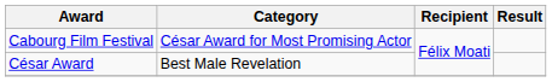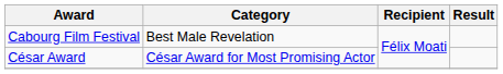 <table class="wikitable">
 <tr>
 <th>Award</th>
 <th>Category</th>
 <th>Recipient</th>
 <th>Result</th>
 </tr>
 <tr>
 <td><a href='#'>Cabourg Film Festival</a></td>
-<td><a href='#'>César Award for Most Promising Actor</a></td>
+<td>Best Male Revelation</td>
 <td rowspan=2><a href='#'>Félix Moati</a></td>
 <td></td>
 </tr>
 <tr>
 <td><a href='#'>César Award</a></td>
-<td>Best Male Revelation</td>
+<td><a href='#'>César Award for Most Promising Actor</a></td>
 <td></td>
 </tr>
 <tr>
 </tr>
 </table>
